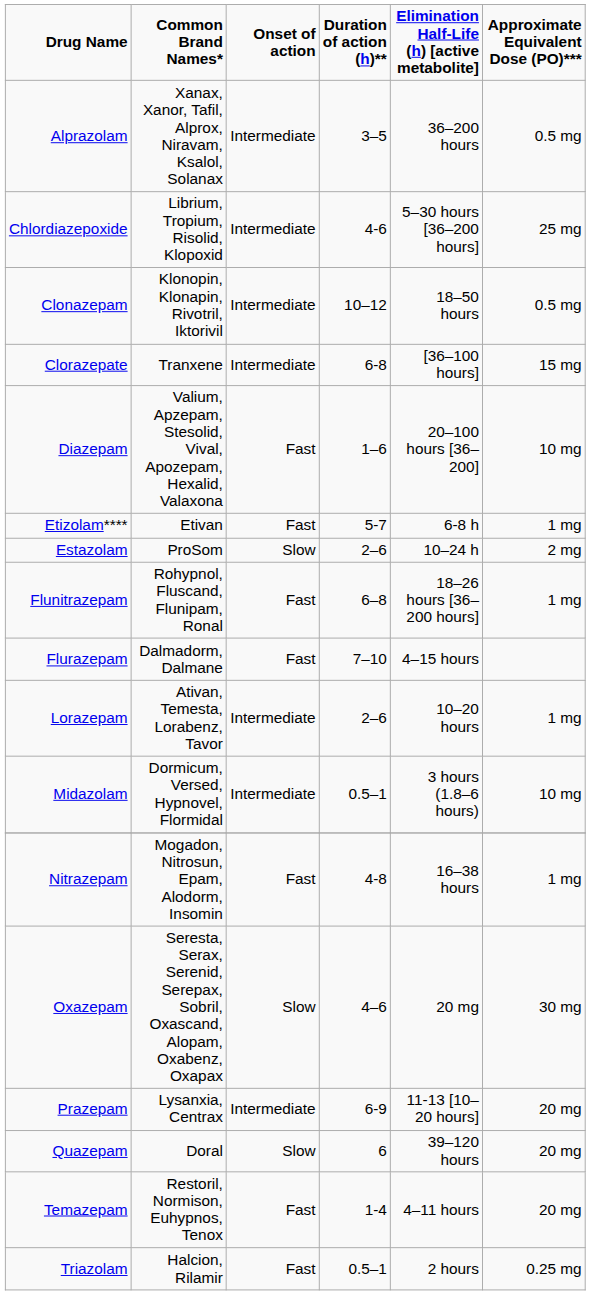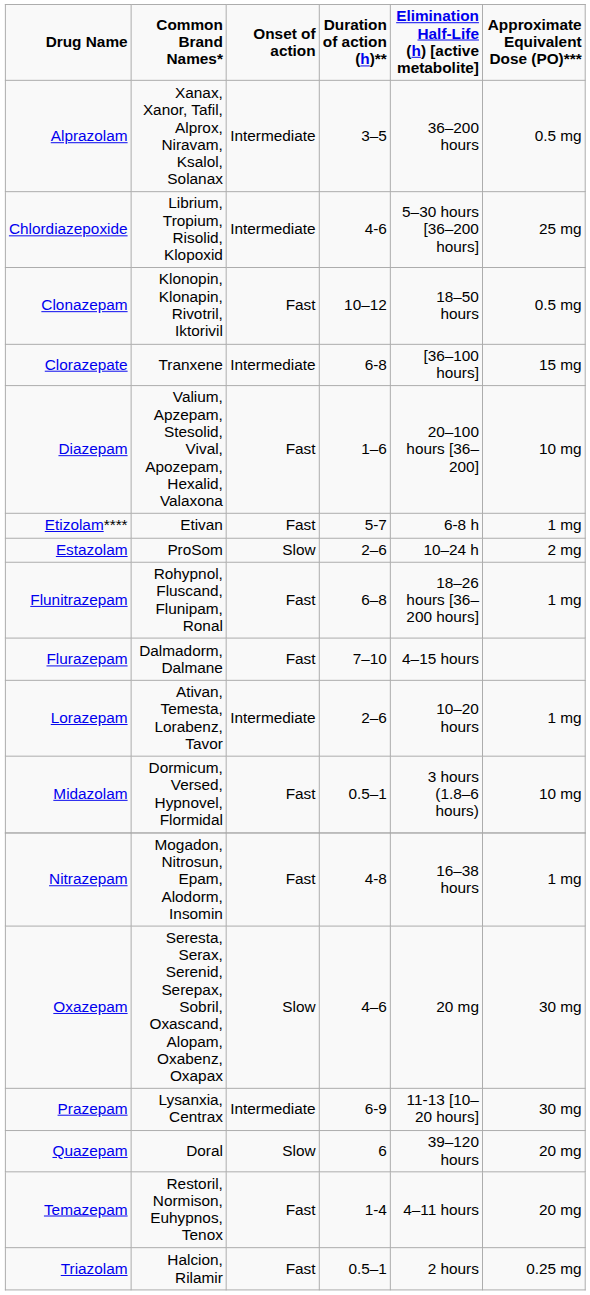 <table class="wikitable sortable" style="float:center; margin-left:3px;text-size:100%; text-align:right">
 <tr>
 <td><strong>Drug Name</strong></td>
 <td><strong>Common Brand Names*</strong></td>
 <td><strong>Onset of action</strong></td>
 <td><strong>Duration of action (<a href='#'>h</a>)**</strong></td>
 <td><strong><a href='#'>Elimination Half-Life</a> (<a href='#'>h</a>) [active metabolite]</strong></td>
 <td><strong>Approximate Equivalent Dose (PO)***</strong></td>
 </tr>
 <tr>
 <td><a href='#'>Alprazolam</a></td>
 <td>Xanax, Xanor, Tafil, Alprox, Niravam, Ksalol, Solanax</td>
 <td>Intermediate</td>
 <td>3–5</td>
 <td>36–200 hours</td>
 <td>0.5 mg</td>
 </tr>
 <tr>
 <td><a href='#'>Chlordiazepoxide</a></td>
 <td>Librium, Tropium, Risolid, Klopoxid</td>
 <td>Intermediate</td>
 <td>4-6</td>
 <td>5–30 hours [36–200 hours]</td>
 <td>25 mg</td>
 </tr>
 <tr>
 <td><a href='#'>Clonazepam</a></td>
 <td>Klonopin, Klonapin, Rivotril, Iktorivil</td>
-<td>Intermediate</td>
+<td>Fast</td>
 <td>10–12</td>
 <td>18–50 hours</td>
 <td>0.5 mg</td>
 </tr>
 <tr>
 <td><a href='#'>Clorazepate</a></td>
 <td>Tranxene</td>
 <td>Intermediate</td>
 <td>6-8</td>
 <td>[36–100 hours]</td>
 <td>15 mg</td>
 </tr>
 <tr>
 <td><a href='#'>Diazepam</a></td>
 <td>Valium, Apzepam, Stesolid, Vival, Apozepam, Hexalid, Valaxona</td>
 <td>Fast</td>
 <td>1–6</td>
 <td>20–100 hours [36–200]</td>
 <td>10 mg</td>
 </tr>
 <tr>
 <td><a href='#'>Etizolam</a>****</td>
 <td>Etivan</td>
 <td>Fast</td>
 <td>5-7</td>
 <td>6-8 h</td>
 <td>1 mg</td>
 </tr>
 <tr>
 <td><a href='#'>Estazolam</a></td>
 <td>ProSom</td>
 <td>Slow</td>
 <td>2–6</td>
 <td>10–24 h</td>
 <td>2 mg</td>
 </tr>
 <tr>
 <td><a href='#'>Flunitrazepam</a></td>
 <td>Rohypnol, Fluscand, Flunipam, Ronal</td>
 <td>Fast</td>
 <td>6–8</td>
 <td>18–26 hours [36–200 hours]</td>
 <td>1 mg</td>
 </tr>
 <tr>
 <td><a href='#'>Flurazepam</a></td>
 <td>Dalmadorm, Dalmane</td>
 <td>Fast</td>
 <td>7–10</td>
 <td>4–15 hours</td>
 </tr>
 <tr>
 <td><a href='#'>Lorazepam</a></td>
 <td>Ativan, Temesta, Lorabenz, Tavor</td>
 <td>Intermediate</td>
 <td>2–6</td>
 <td>10–20 hours</td>
 <td>1 mg</td>
 </tr>
 <tr>
 <td><a href='#'>Midazolam</a></td>
 <td>Dormicum, Versed, Hypnovel, Flormidal</td>
-<td>Intermediate</td>
+<td>Fast</td>
 <td>0.5–1</td>
 <td>3 hours (1.8–6 hours)</td>
 <td>10 mg</td>
 </tr>
 <tr>
 </tr>
 <tr>
 <td><a href='#'>Nitrazepam</a></td>
 <td>Mogadon, Nitrosun, Epam, Alodorm, Insomin</td>
 <td>Fast</td>
 <td>4-8</td>
 <td>16–38 hours</td>
 <td>1 mg</td>
 </tr>
 <tr>
 <td><a href='#'>Oxazepam</a></td>
 <td>Seresta, Serax, Serenid, Serepax, Sobril, Oxascand, Alopam, Oxabenz, Oxapax</td>
 <td>Slow</td>
 <td>4–6</td>
 <td [40–250 hours]>20 mg</td>
 <td>30 mg</td>
 </tr>
 <tr>
 <td><a href='#'>Prazepam</a></td>
 <td>Lysanxia, Centrax</td>
 <td>Intermediate</td>
 <td>6-9</td>
 <td>11-13 [10–20 hours]</td>
-<td>20 mg</td>
+<td>30 mg</td>
 </tr>
 <tr>
 <td><a href='#'>Quazepam</a></td>
 <td>Doral</td>
 <td>Slow</td>
 <td>6</td>
 <td>39–120 hours</td>
 <td>20 mg</td>
 </tr>
 <tr>
 <td><a href='#'>Temazepam</a></td>
 <td>Restoril, Normison, Euhypnos, Tenox</td>
 <td>Fast</td>
 <td>1-4</td>
 <td>4–11 hours</td>
 <td>20 mg</td>
 </tr>
 <tr>
 <td><a href='#'>Triazolam</a></td>
 <td>Halcion, Rilamir</td>
 <td>Fast</td>
 <td>0.5–1</td>
 <td>2 hours</td>
 <td>0.25 mg</td>
 </tr>
 </table>
